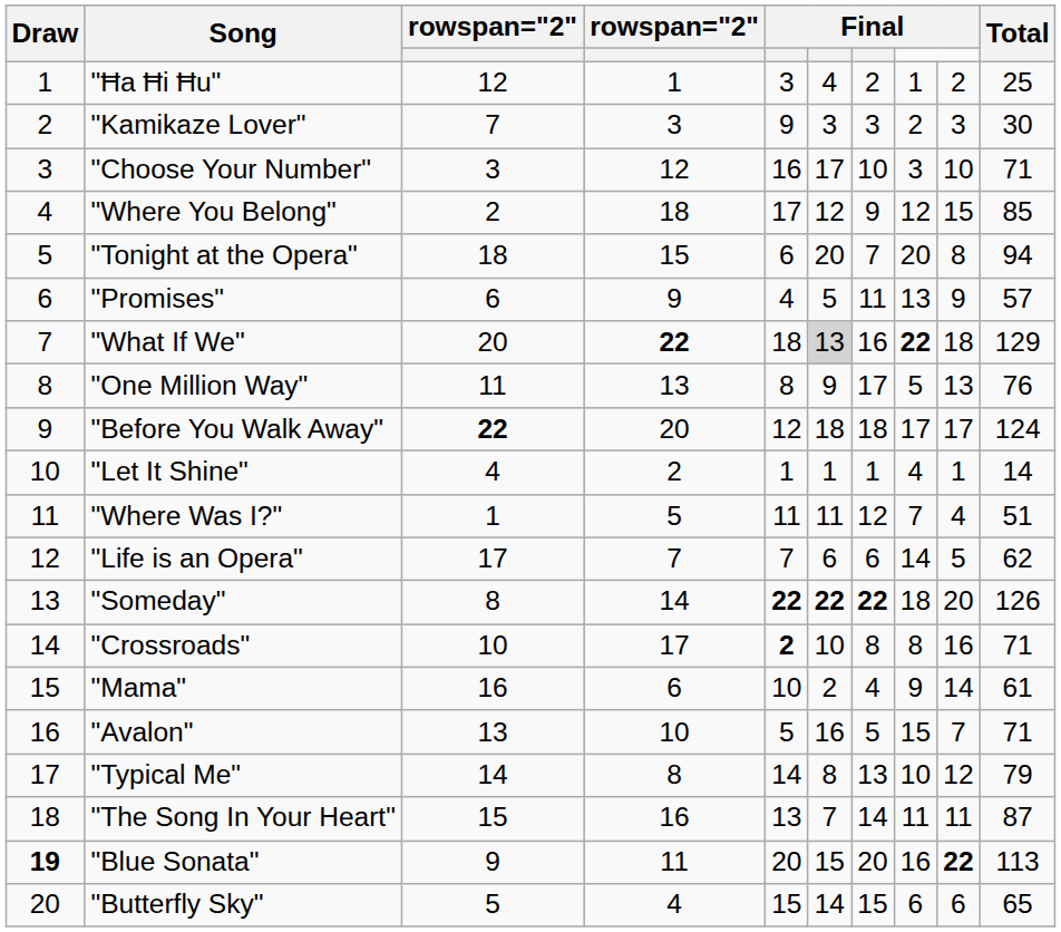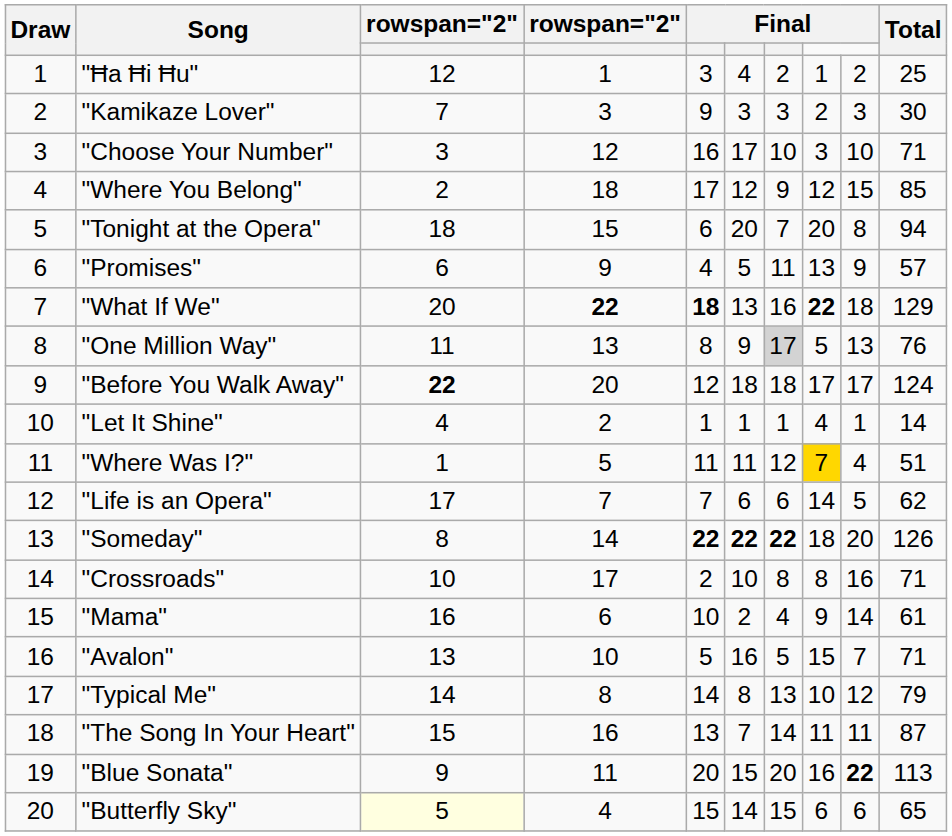 <table class="wikitable collapsible" style="margin: 1em auto 1em auto; text-align:center">
 <tr>
 <th rowspan="2">Draw</th>
 <th rowspan="2">Song</th>
 <th>rowspan="2" </th>
 <th>rowspan="2" </th>
 <th colspan="5">Final</th>
 <th rowspan="2">Total</th>
 </tr>
 <tr>
 <th></th>
 <th></th>
 <th></th>
 <th></th>
 <th></th>
 </tr>
 <tr>
 <td>1</td>
 <td align="left">"Ħa Ħi Ħu"</td>
 <td>12</td>
 <td>1</td>
 <td>3</td>
 <td>4</td>
 <td>2</td>
 <td>1</td>
 <td>2</td>
 <td>25</td>
 </tr>
 <tr>
 <td>2</td>
 <td align="left">"Kamikaze Lover"</td>
 <td>7</td>
 <td>3</td>
 <td>9</td>
 <td>3</td>
 <td>3</td>
 <td>2</td>
 <td>3</td>
 <td>30</td>
 </tr>
 <tr>
 <td>3</td>
 <td align="left">"Choose Your Number"</td>
 <td>3</td>
 <td>12</td>
 <td>16</td>
 <td>17</td>
 <td>10</td>
 <td>3</td>
 <td>10</td>
 <td>71</td>
 </tr>
 <tr>
 <td>4</td>
 <td align="left">"Where You Belong"</td>
 <td>2</td>
 <td>18</td>
 <td>17</td>
 <td>12</td>
 <td>9</td>
 <td>12</td>
 <td>15</td>
 <td>85</td>
 </tr>
 <tr>
 <td>5</td>
 <td align="left">"Tonight at the Opera"</td>
 <td>18</td>
 <td>15</td>
 <td>6</td>
 <td>20</td>
 <td>7</td>
 <td>20</td>
 <td>8</td>
 <td>94</td>
 </tr>
 <tr>
 <td>6</td>
 <td align="left">"Promises"</td>
 <td>6</td>
 <td>9</td>
 <td>4</td>
 <td>5</td>
 <td>11</td>
 <td>13</td>
 <td>9</td>
 <td>57</td>
 </tr>
 <tr>
 <td>7</td>
 <td align="left">"What If We"</td>
 <td>20</td>
 <td><strong>22</strong></td>
-<td>18</td>
-<td style="background: lightgrey;">13</td>
+<td><strong>18</strong></td>
+<td>13</td>
 <td>16</td>
 <td><strong>22</strong></td>
 <td>18</td>
 <td>129</td>
 </tr>
 <tr>
 <td>8</td>
 <td align="left">"One Million Way"</td>
 <td>11</td>
 <td>13</td>
 <td>8</td>
 <td>9</td>
-<td>17</td>
+<td style="background: lightgrey;">17</td>
 <td>5</td>
 <td>13</td>
 <td>76</td>
 </tr>
 <tr>
 <td>9</td>
 <td align="left">"Before You Walk Away"</td>
 <td><strong>22</strong></td>
 <td>20</td>
 <td>12</td>
 <td>18</td>
 <td>18</td>
 <td>17</td>
 <td>17</td>
 <td>124</td>
 </tr>
 <tr>
 <td>10</td>
 <td align="left">"Let It Shine"</td>
 <td>4</td>
 <td>2</td>
 <td>1</td>
 <td>1</td>
 <td>1</td>
 <td>4</td>
 <td>1</td>
 <td>14</td>
 </tr>
 <tr>
 <td>11</td>
 <td align="left">"Where Was I?"</td>
 <td>1</td>
 <td>5</td>
 <td>11</td>
 <td>11</td>
 <td>12</td>
-<td>7</td>
+<td style="background: gold;">7</td>
 <td>4</td>
 <td>51</td>
 </tr>
 <tr>
 <td>12</td>
 <td align="left">"Life is an Opera"</td>
 <td>17</td>
 <td>7</td>
 <td>7</td>
 <td>6</td>
 <td>6</td>
 <td>14</td>
 <td>5</td>
 <td>62</td>
 </tr>
 <tr>
 <td>13</td>
 <td align="left">"Someday"</td>
 <td>8</td>
 <td>14</td>
 <td><strong>22</strong></td>
 <td><strong>22</strong></td>
 <td><strong>22</strong></td>
 <td>18</td>
 <td>20</td>
 <td>126</td>
 </tr>
 <tr>
 <td>14</td>
 <td align="left">"Crossroads"</td>
 <td>10</td>
 <td>17</td>
-<td><strong>2</strong></td>
+<td>2</td>
 <td>10</td>
 <td>8</td>
 <td>8</td>
 <td>16</td>
 <td>71</td>
 </tr>
 <tr>
 <td>15</td>
 <td align="left">"Mama"</td>
 <td>16</td>
 <td>6</td>
 <td>10</td>
 <td>2</td>
 <td>4</td>
 <td>9</td>
 <td>14</td>
 <td>61</td>
 </tr>
 <tr>
 <td>16</td>
 <td align="left">"Avalon"</td>
 <td>13</td>
 <td>10</td>
 <td>5</td>
 <td>16</td>
 <td>5</td>
 <td>15</td>
 <td>7</td>
 <td>71</td>
 </tr>
 <tr>
 <td>17</td>
 <td align="left">"Typical Me"</td>
 <td>14</td>
 <td>8</td>
 <td>14</td>
 <td>8</td>
 <td>13</td>
 <td>10</td>
 <td>12</td>
 <td>79</td>
 </tr>
 <tr>
 <td>18</td>
 <td align="left">"The Song In Your Heart"</td>
 <td>15</td>
 <td>16</td>
 <td>13</td>
 <td>7</td>
 <td>14</td>
 <td>11</td>
 <td>11</td>
 <td>87</td>
 </tr>
 <tr>
-<td><strong>19</strong></td>
+<td>19</td>
 <td align="left">"Blue Sonata"</td>
 <td>9</td>
 <td>11</td>
 <td>20</td>
 <td>15</td>
 <td>20</td>
 <td>16</td>
 <td><strong>22</strong></td>
 <td>113</td>
 </tr>
 <tr>
 <td>20</td>
 <td align="left">"Butterfly Sky"</td>
-<td>5</td>
+<td style="background: lightyellow;">5</td>
 <td>4</td>
 <td>15</td>
 <td>14</td>
 <td>15</td>
 <td>6</td>
 <td>6</td>
 <td>65</td>
 </tr>
 </table>
